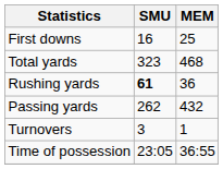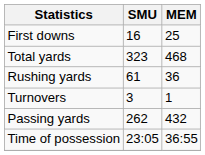 <table class="wikitable">
 <tr>
 <th>Statistics</th>
 <th>SMU</th>
 <th>MEM</th>
 </tr>
 <tr>
 <td>First downs</td>
 <td>16</td>
 <td>25</td>
 </tr>
 <tr>
 <td>Total yards</td>
 <td>323</td>
 <td>468</td>
 </tr>
 <tr>
 <td>Rushing yards</td>
-<td><strong>61</strong></td>
+<td>61</td>
 <td>36</td>
+</tr>
+<tr>
+<td>Turnovers</td>
+<td>3</td>
+<td>1</td>
 </tr>
 <tr>
 <td>Passing yards</td>
 <td>262</td>
 <td>432</td>
-</tr>
-<tr>
-<td>Turnovers</td>
-<td>3</td>
-<td>1</td>
 </tr>
 <tr>
 <td>Time of possession</td>
 <td>23:05</td>
 <td>36:55</td>
 </tr>
 <tr>
 </tr>
 </table>
